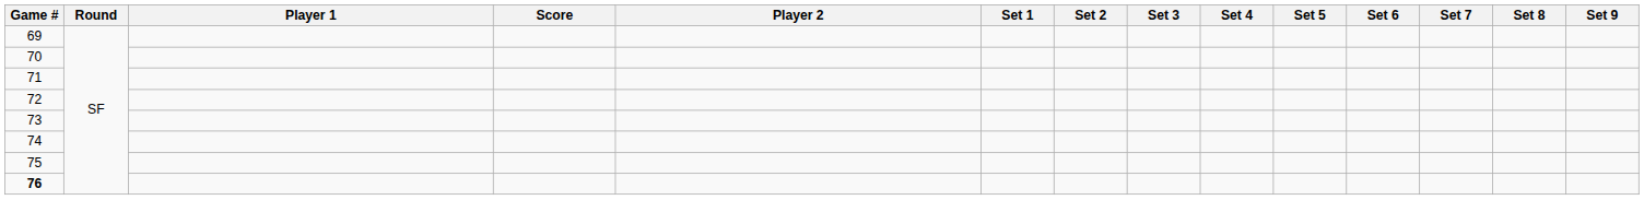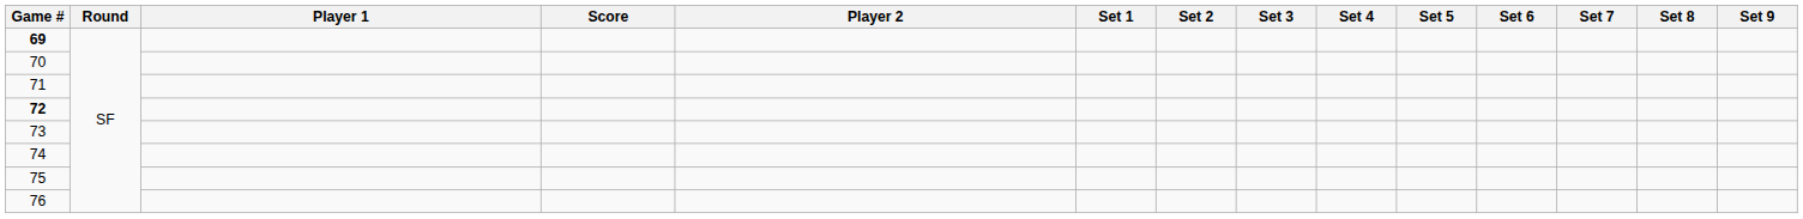 <table class="wikitable">
 <tr>
 <th width="2%">Game #</th>
 <th width="2%">Round</th>
 <th width="15%">Player 1</th>
 <th width="5%">Score</th>
 <th width="15%">Player 2</th>
 <th width="3%">Set 1</th>
 <th width="3%">Set 2</th>
 <th width="3%">Set 3</th>
 <th width="3%">Set 4</th>
 <th width="3%">Set 5</th>
 <th width="3%">Set 6</th>
 <th width="3%">Set 7</th>
 <th width="3%">Set 8</th>
 <th width="3%">Set 9</th>
 </tr>
 <tr style=text-align:center;>
-<td>69</td>
+<td><strong>69</strong></td>
 <td rowspan=8>SF</td>
 <td></td>
 <td></td>
 <td></td>
 <td></td>
 <td></td>
 <td></td>
 <td></td>
 <td></td>
 <td></td>
 <td></td>
 <td></td>
 <td></td>
 </tr>
 <tr style=text-align:center;>
 <td>70</td>
 <td></td>
 <td></td>
 <td></td>
 <td></td>
 <td></td>
 <td></td>
 <td></td>
 <td></td>
 <td></td>
 <td></td>
 <td></td>
 <td></td>
 </tr>
 <tr style=text-align:center;>
 <td>71</td>
 <td></td>
 <td></td>
 <td></td>
 <td></td>
 <td></td>
 <td></td>
 <td></td>
 <td></td>
 <td></td>
 <td></td>
 <td></td>
 <td></td>
 </tr>
 <tr style=text-align:center;>
-<td>72</td>
+<td><strong>72</strong></td>
 <td></td>
 <td></td>
 <td></td>
 <td></td>
 <td></td>
 <td></td>
 <td></td>
 <td></td>
 <td></td>
 <td></td>
 <td></td>
 <td></td>
 </tr>
 <tr style=text-align:center;>
 <td>73</td>
 <td></td>
 <td></td>
 <td></td>
 <td></td>
 <td></td>
 <td></td>
 <td></td>
 <td></td>
 <td></td>
 <td></td>
 <td></td>
 <td></td>
 </tr>
 <tr style=text-align:center;>
 <td>74</td>
 <td></td>
 <td></td>
 <td></td>
 <td></td>
 <td></td>
 <td></td>
 <td></td>
 <td></td>
 <td></td>
 <td></td>
 <td></td>
 <td></td>
 </tr>
 <tr style=text-align:center;>
 <td>75</td>
 <td></td>
 <td></td>
 <td></td>
 <td></td>
 <td></td>
 <td></td>
 <td></td>
 <td></td>
 <td></td>
 <td></td>
 <td></td>
 <td></td>
 </tr>
 <tr style=text-align:center;>
-<td><strong>76</strong></td>
+<td>76</td>
 <td></td>
 <td></td>
 <td></td>
 <td></td>
 <td></td>
 <td></td>
 <td></td>
 <td></td>
 <td></td>
 <td></td>
 <td></td>
 <td></td>
 </tr>
 </table>
